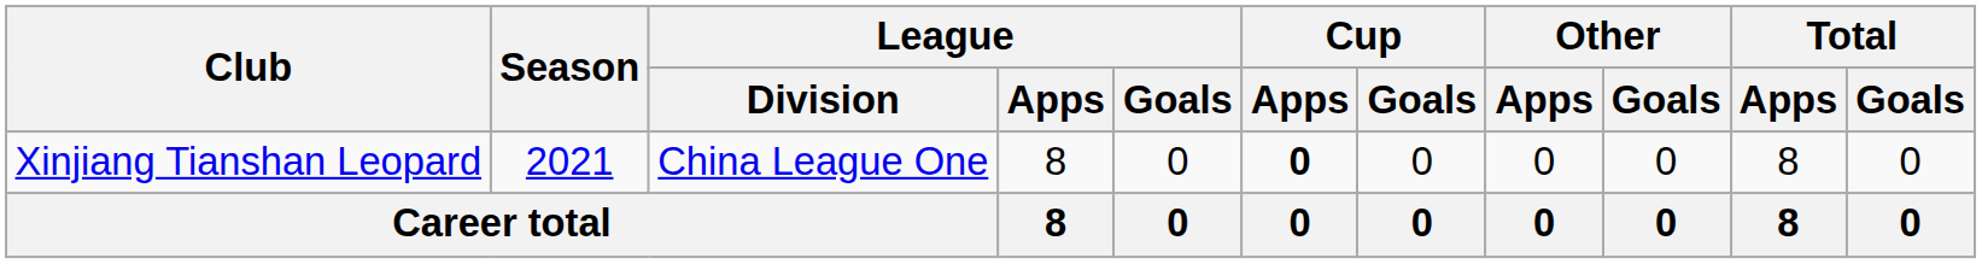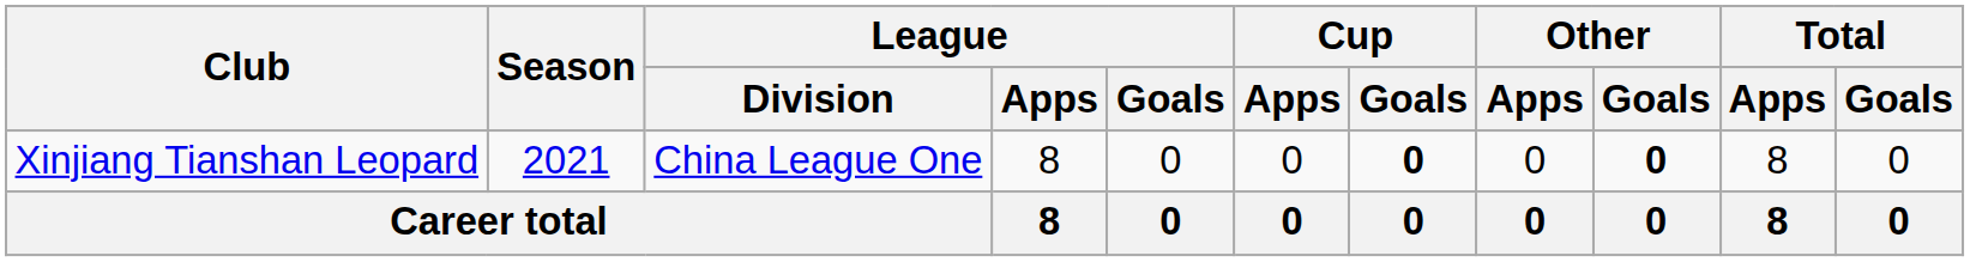 <table class="wikitable" style="text-align: center">
 <tr>
 <th rowspan="2">Club</th>
 <th rowspan="2">Season</th>
 <th colspan="3">League</th>
 <th colspan="2">Cup</th>
 <th colspan="2">Other</th>
 <th colspan="2">Total</th>
 </tr>
 <tr>
 <th>Division</th>
 <th>Apps</th>
 <th>Goals</th>
 <th>Apps</th>
 <th>Goals</th>
 <th>Apps</th>
 <th>Goals</th>
 <th>Apps</th>
 <th>Goals</th>
 </tr>
 <tr>
 <td><a href='#'>Xinjiang Tianshan Leopard</a></td>
 <td><a href='#'>2021</a></td>
 <td><a href='#'>China League One</a></td>
 <td>8</td>
 <td>0</td>
+<td>0</td>
 <td><strong>0</strong></td>
 <td>0</td>
-<td>0</td>
-<td>0</td>
+<td><strong>0</strong></td>
 <td>8</td>
 <td>0</td>
 </tr>
 <tr>
 <th colspan=3>Career total</th>
 <th>8</th>
 <th>0</th>
 <th>0</th>
 <th>0</th>
 <th>0</th>
 <th>0</th>
 <th>8</th>
 <th>0</th>
 </tr>
 </table>
